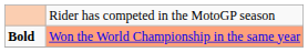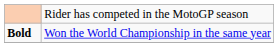 <table class="wikitable">
 <tr>
 <td width=42px align=center style="background-color:#FBCEB1"></td>
 <td>Rider has competed in the  MotoGP season</td>
 </tr>
 <tr>
 <td><strong>Bold</strong></td>
-<td style="background: lightsalmon;"><a href='#'>Won the World Championship in the same year</a></td>
+<td><a href='#'>Won the World Championship in the same year</a></td>
 </tr>
 <tr>
 </tr>
 </table>
